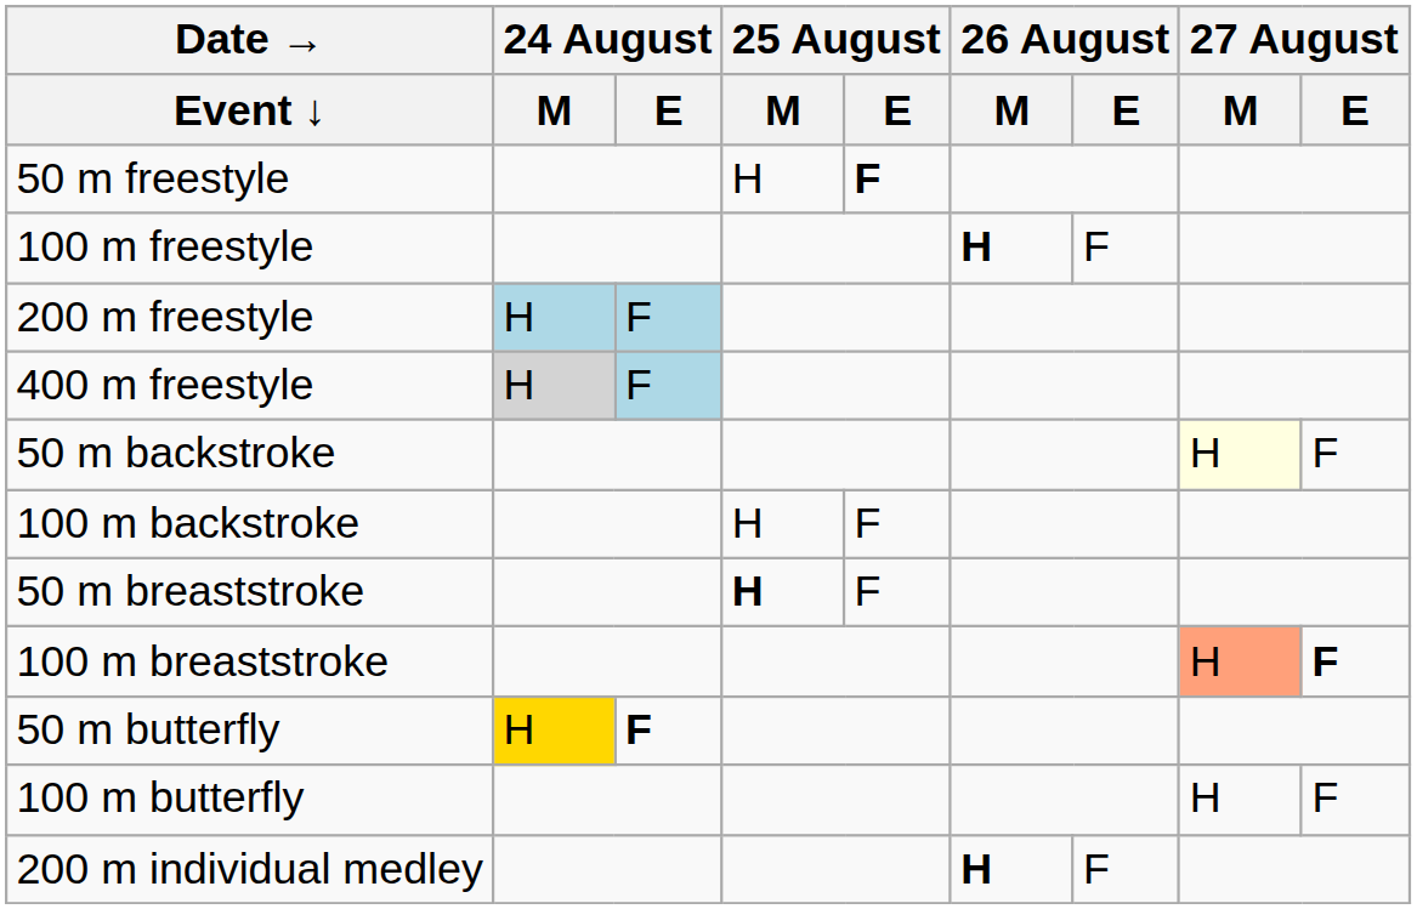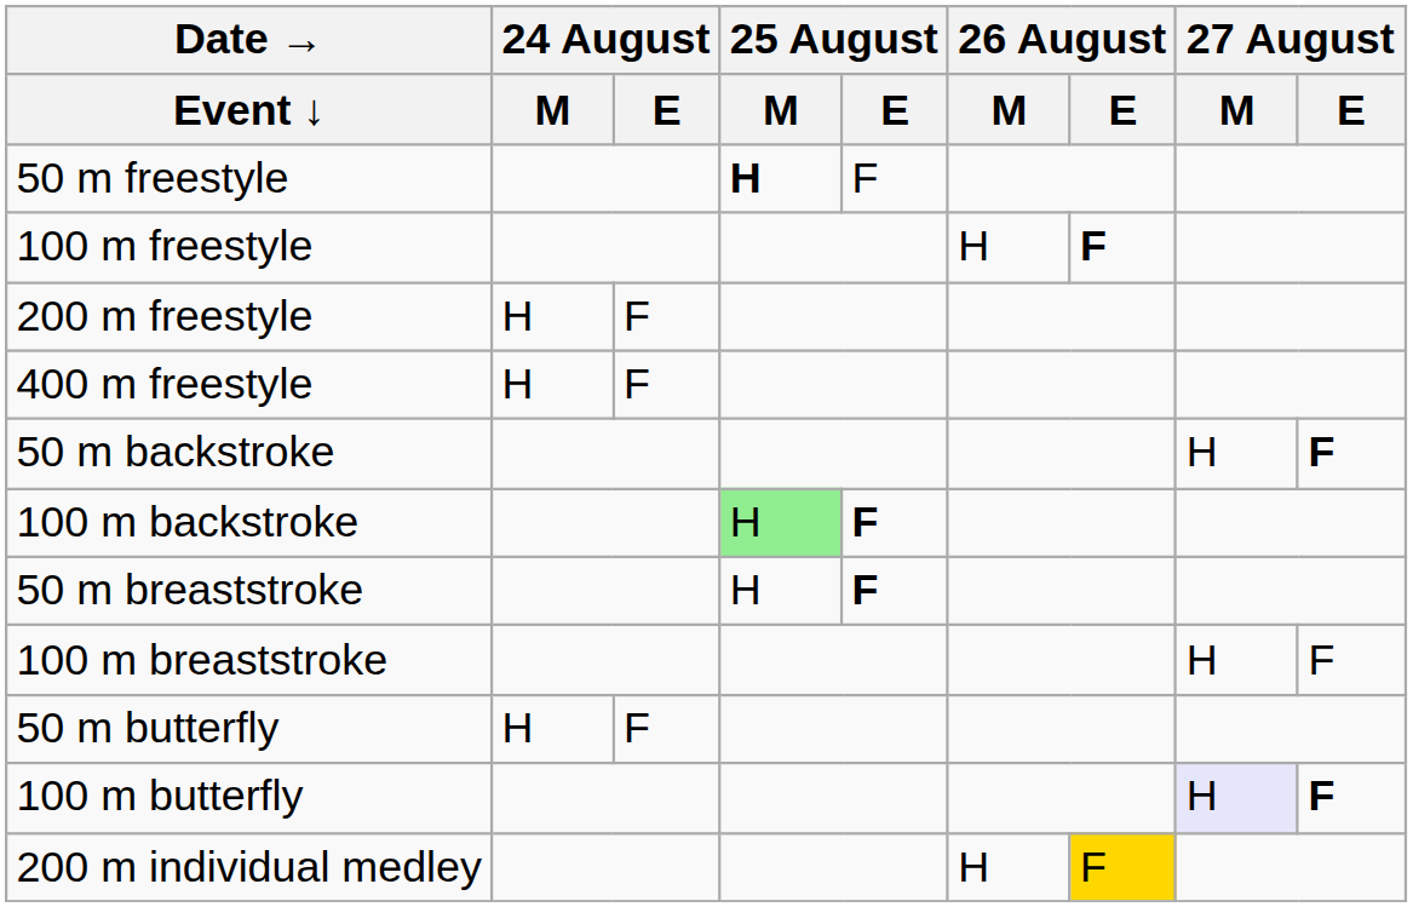 <table class="wikitable swimming-schedule floatleft">
 <tr>
 <th>Date →</th>
 <th colspan=2>24 August</th>
 <th colspan=2>25 August</th>
 <th colspan=2>26 August</th>
 <th colspan=2>27 August</th>
 </tr>
 <tr>
 <th>Event ↓</th>
 <th>M</th>
 <th>E</th>
 <th>M</th>
 <th>E</th>
 <th>M</th>
 <th>E</th>
 <th>M</th>
 <th>E</th>
 </tr>
 <tr>
 <td class=event>50 m freestyle</td>
 <td colspan=2></td>
-<td class=heats>H</td>
-<td class=final><strong>F</strong></td>
+<td class=heats><strong>H</strong></td>
+<td class=final>F</td>
 <td colspan=2></td>
 <td colspan=2></td>
 </tr>
 <tr>
 <td class=event>100 m freestyle</td>
 <td colspan=2></td>
 <td colspan=2></td>
-<td class=heats><strong>H</strong></td>
-<td class=final>F</td>
+<td class=heats>H</td>
+<td class=final><strong>F</strong></td>
 <td colspan=2></td>
 </tr>
 <tr>
 <td class=event>200 m freestyle</td>
-<td class=heats style="background: lightblue;">H</td>
-<td class=final style="background: lightblue;">F</td>
+<td class=heats>H</td>
+<td class=final>F</td>
 <td colspan=2></td>
 <td colspan=2></td>
 <td colspan=2></td>
 </tr>
 <tr>
 <td class=event>400 m freestyle</td>
-<td class=heats style="background: lightgrey;">H</td>
-<td class=final style="background: lightblue;">F</td>
+<td class=heats>H</td>
+<td class=final>F</td>
 <td colspan=2></td>
 <td colspan=2></td>
 <td colspan=2></td>
 </tr>
 <tr>
 <td class=event>50 m backstroke</td>
 <td colspan=2></td>
 <td colspan=2></td>
 <td colspan=2></td>
-<td class=heats style="background: lightyellow;">H</td>
-<td class=final>F</td>
+<td class=heats>H</td>
+<td class=final><strong>F</strong></td>
 </tr>
 <tr>
 <td class=event>100 m backstroke</td>
 <td colspan=2></td>
-<td class=heats>H</td>
-<td class=final>F</td>
+<td class=heats style="background: lightgreen;">H</td>
+<td class=final><strong>F</strong></td>
 <td colspan=2></td>
 <td colspan=2></td>
 </tr>
 <tr>
 <td class=event>50 m breaststroke</td>
 <td colspan=2></td>
-<td class=heats><strong>H</strong></td>
-<td class=final>F</td>
+<td class=heats>H</td>
+<td class=final><strong>F</strong></td>
 <td colspan=2></td>
 <td colspan=2></td>
 </tr>
 <tr>
 <td class=event>100 m breaststroke</td>
 <td colspan=2></td>
 <td colspan=2></td>
 <td colspan=2></td>
-<td class=heats style="background: lightsalmon;">H</td>
-<td class=final><strong>F</strong></td>
+<td class=heats>H</td>
+<td class=final>F</td>
 </tr>
 <tr>
 <td class=event>50 m butterfly</td>
-<td class=heats style="background: gold;">H</td>
-<td class=final><strong>F</strong></td>
+<td class=heats>H</td>
+<td class=final>F</td>
 <td colspan=2></td>
 <td colspan=2></td>
 <td colspan=2></td>
 </tr>
 <tr>
 <td class=event>100 m butterfly</td>
 <td colspan=2></td>
 <td colspan=2></td>
 <td colspan=2></td>
-<td class=heats>H</td>
-<td class=final>F</td>
+<td class=heats style="background: lavender;">H</td>
+<td class=final><strong>F</strong></td>
 </tr>
 <tr>
 <td class=event>200 m individual medley</td>
 <td colspan=2></td>
 <td colspan=2></td>
-<td class=heats><strong>H</strong></td>
-<td class=final>F</td>
+<td class=heats>H</td>
+<td class=final style="background: gold;">F</td>
 <td colspan=2></td>
 </tr>
 </table>
